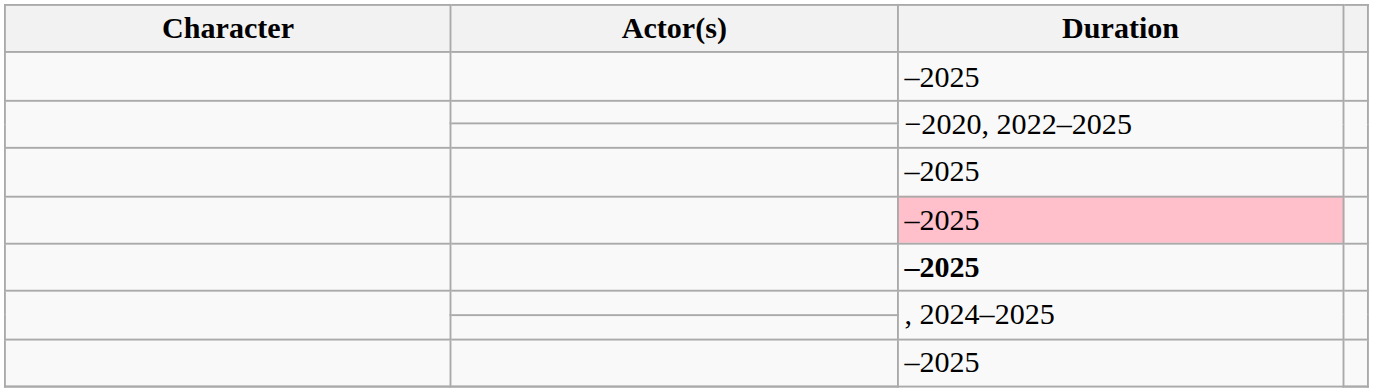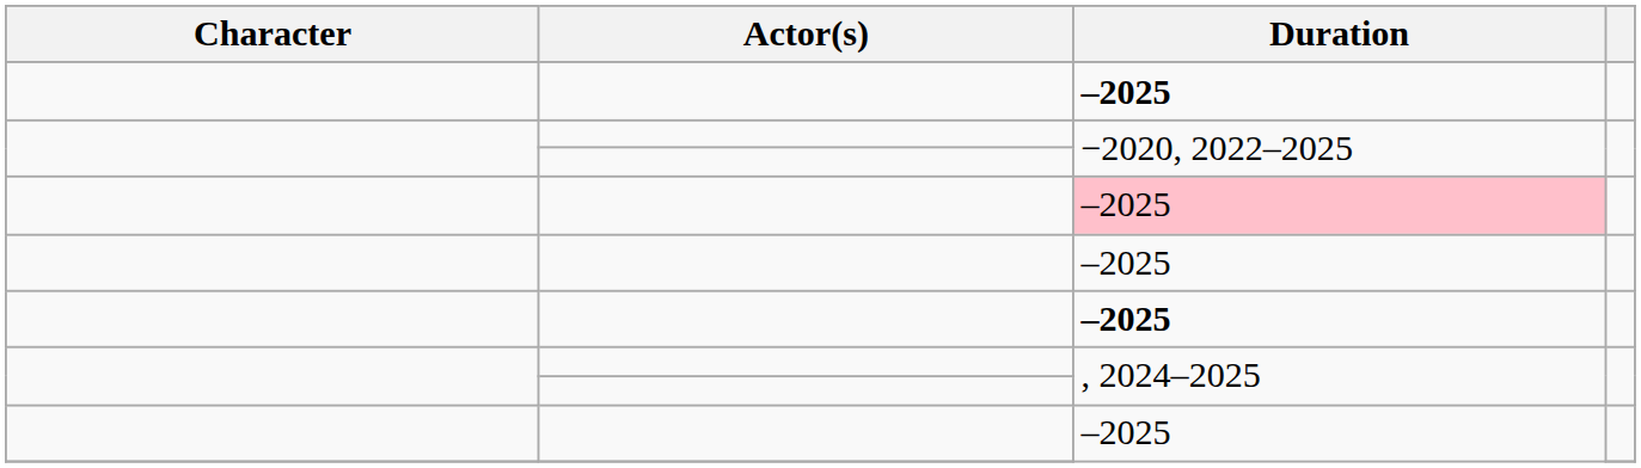 <table class="wikitable sortable sticky-header">
 <tr>
 <th scope="col" style="width:230px;">Character</th>
 <th scope="col" style="width:230px;">Actor(s)</th>
 <th scope="col" style="width:230px;">Duration</th>
 <th scope="col" style="width:5px;"></th>
 </tr>
 <tr>
 <td></td>
 <td></td>
-<td>–2025</td>
+<td><strong>–2025</strong></td>
 <td style="text-align:center;"></td>
 </tr>
 <tr>
 <td rowspan="2"></td>
 <td></td>
 <td rowspan="2">−2020, 2022–2025</td>
 <td style="text-align:center;" rowspan="2"></td>
 </tr>
 <tr>
 <td></td>
 </tr>
 <tr>
 <td></td>
 <td></td>
-<td>–2025</td>
+<td style="background: pink;">–2025</td>
 <td style="text-align:center;"></td>
 </tr>
 <tr>
 <td></td>
 <td></td>
-<td style="background: pink;">–2025</td>
+<td>–2025</td>
 <td style="text-align:center;"></td>
 </tr>
 <tr>
 <td></td>
 <td></td>
 <td><strong>–2025</strong></td>
 <td style="text-align:center;"></td>
 </tr>
 <tr>
 <td rowspan="2"></td>
 <td></td>
 <td rowspan="2">, 2024–2025</td>
 <td style="text-align:center;" rowspan="2"></td>
 </tr>
 <tr>
 <td></td>
 </tr>
 <tr>
 <td></td>
 <td></td>
 <td rowspan="2">–2025</td>
 <td style="text-align:center;"></td>
 </tr>
 <tr>
 </tr>
 </table>
